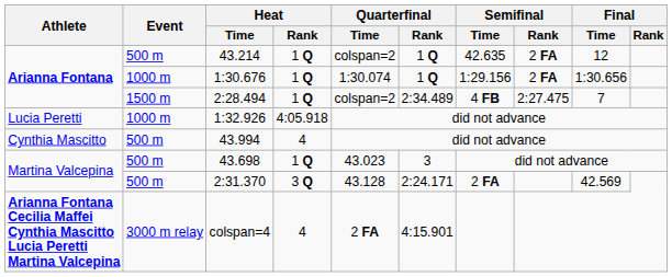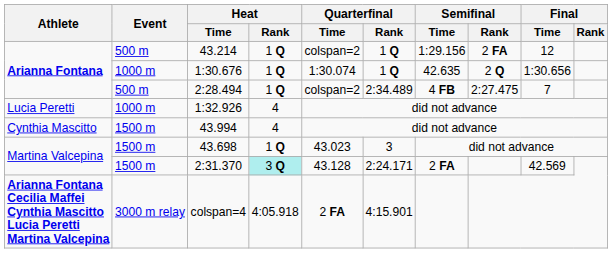 <table class="wikitable" style="font-size:90%">
 <tr>
 <th rowspan=2>Athlete</th>
 <th rowspan=2>Event</th>
 <th colspan=2>Heat</th>
 <th colspan=2>Quarterfinal</th>
 <th colspan=2>Semifinal</th>
 <th colspan=2>Final</th>
 </tr>
 <tr style="font-size:95%">
 <th>Time</th>
 <th>Rank</th>
 <th>Time</th>
 <th>Rank</th>
 <th>Time</th>
 <th>Rank</th>
 <th>Time</th>
 <th>Rank</th>
 </tr>
 <tr align=center>
 <td align=left rowspan=3><strong><a href='#'>Arianna Fontana</a></strong></td>
 <td align=left><a href='#'>500 m</a></td>
 <td>43.214</td>
 <td>1 <strong>Q</strong></td>
 <td>colspan=2 </td>
 <td>1 <strong>Q</strong></td>
-<td>42.635</td>
+<td>1:29.156</td>
 <td>2 <strong>FA</strong></td>
 <td>12</td>
 <td></td>
 </tr>
 <tr align=center>
 <td align=left><a href='#'>1000 m</a></td>
 <td>1:30.676</td>
 <td>1 <strong>Q</strong></td>
 <td>1:30.074</td>
 <td>1 <strong>Q</strong></td>
-<td>1:29.156</td>
-<td>2 <strong>FA</strong></td>
+<td>42.635</td>
+<td>2 <strong>Q</strong></td>
 <td>1:30.656</td>
 <td></td>
 </tr>
 <tr align=center>
-<td align=left><a href='#'>1500 m</a></td>
+<td align=left><a href='#'>500 m</a></td>
 <td>2:28.494</td>
 <td>1 <strong>Q</strong></td>
 <td>colspan=2 </td>
 <td>2:34.489</td>
 <td>4 <strong>FB</strong></td>
 <td>2:27.475</td>
 <td>7</td>
 </tr>
 <tr align=center>
 <td align=left><a href='#'>Lucia Peretti</a></td>
 <td align=left><a href='#'>1000 m</a></td>
 <td>1:32.926</td>
-<td>4:05.918</td>
+<td>4</td>
 <td colspan=6>did not advance</td>
 </tr>
 <tr align=center>
 <td align=left><a href='#'>Cynthia Mascitto</a></td>
-<td align=left><a href='#'>500 m</a></td>
+<td align=left><a href='#'>1500 m</a></td>
 <td>43.994</td>
 <td>4</td>
 <td colspan=6>did not advance</td>
 </tr>
 <tr align=center>
 <td align=left rowspan=2><a href='#'>Martina Valcepina</a></td>
-<td align=left><a href='#'>500 m</a></td>
+<td align=left><a href='#'>1500 m</a></td>
 <td>43.698</td>
 <td>1 <strong>Q</strong></td>
 <td>43.023</td>
 <td>3</td>
 <td colspan=4>did not advance</td>
 </tr>
 <tr align=center>
-<td align=left><a href='#'>500 m</a></td>
+<td align=left><a href='#'>1500 m</a></td>
 <td>2:31.370</td>
-<td>3 <strong>Q</strong></td>
+<td style="background: paleturquoise;">3 <strong>Q</strong></td>
 <td>43.128</td>
 <td>2:24.171</td>
 <td>2 <strong>FA</strong></td>
 <td></td>
 <td>42.569</td>
 </tr>
 <tr align=center>
 <td align=left><strong><a href='#'>Arianna Fontana</a><br><a href='#'>Cecilia Maffei</a><br><a href='#'>Cynthia Mascitto</a><br><a href='#'>Lucia Peretti</a><br><a href='#'>Martina Valcepina</a></strong></td>
 <td align=left><a href='#'>3000 m relay</a></td>
 <td>colspan=4 </td>
-<td>4</td>
+<td>4:05.918</td>
 <td>2 <strong>FA</strong></td>
 <td>4:15.901</td>
 <td></td>
 </tr>
 </table>
